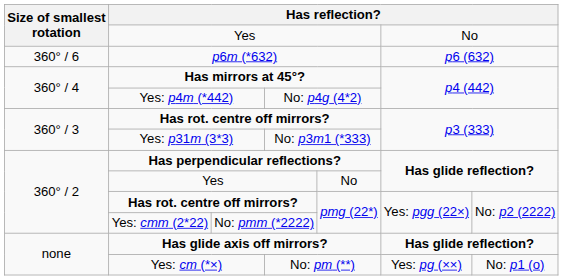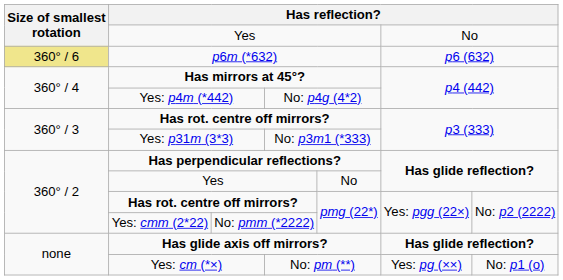 <table class="wikitable" style="text-align: center;margin: 1em auto;">
 <tr>
 <th rowspan="2">Size of smallest<br>rotation</th>
 <th colspan="6">Has reflection?</th>
 </tr>
 <tr>
 <td colspan="4">Yes</td>
 <td colspan="2">No</td>
 </tr>
 <tr>
-<td>360° / 6</td>
+<td style="background: khaki;">360° / 6</td>
 <td colspan="4"><a href='#'><em>p</em>6<em>m</em> (*632)</a></td>
 <td colspan="2"><a href='#'><em>p</em>6 (632)</a></td>
 </tr>
 <tr>
 <td rowspan="2">360° / 4</td>
 <td colspan="4"><strong>Has mirrors at 45°?</strong></td>
 <td rowspan="2" colspan="2"><a href='#'><em>p</em>4 (442)</a></td>
 </tr>
 <tr>
 <td colspan="2">Yes: <a href='#'><em>p</em>4<em>m</em> (*442)</a></td>
 <td colspan="2">No: <a href='#'><em>p</em>4<em>g</em> (4*2)</a></td>
 </tr>
 <tr>
 <td rowspan="2">360° / 3</td>
 <td colspan="4"><strong>Has rot. centre off mirrors?</strong></td>
 <td rowspan="2" colspan="2"><a href='#'><em>p</em>3 (333)</a></td>
 </tr>
 <tr>
 <td colspan="2">Yes: <a href='#'><em>p</em>31<em>m</em> (3*3)</a></td>
 <td colspan="2">No: <a href='#'><em>p</em>3<em>m</em>1 (*333)</a></td>
 </tr>
 <tr>
 <td rowspan="4">360° / 2</td>
 <td colspan="4"><strong>Has perpendicular reflections?</strong></td>
 <td rowspan="2" colspan="2"><strong>Has glide reflection?</strong></td>
 </tr>
 <tr>
 <td colspan="3">Yes</td>
 <td>No</td>
 </tr>
 <tr>
 <td colspan="3"><strong>Has rot. centre off mirrors?</strong></td>
 <td rowspan="2"><a href='#'><em>pmg</em> (22*)</a></td>
 <td rowspan="2">Yes: <a href='#'><em>pgg</em> (22×)</a></td>
 <td rowspan="2">No: <a href='#'><em>p</em>2 (2222)</a></td>
 </tr>
 <tr>
 <td>Yes: <a href='#'><em>cmm</em> (2*22)</a></td>
 <td colspan="2">No: <a href='#'><em>pmm</em> (*2222)</a></td>
 </tr>
 <tr>
 <td rowspan="2">none</td>
 <td colspan="4"><strong>Has glide axis off mirrors?</strong></td>
 <td colspan="2"><strong>Has glide reflection?</strong></td>
 </tr>
 <tr>
 <td colspan="2">Yes: <a href='#'><em>cm</em> (*×)</a></td>
 <td colspan="2">No: <a href='#'><em>pm</em> (**)</a></td>
 <td>Yes: <a href='#'><em>pg</em> (××)</a></td>
 <td>No: <a href='#'><em>p</em>1 (o)</a></td>
 </tr>
 </table>
